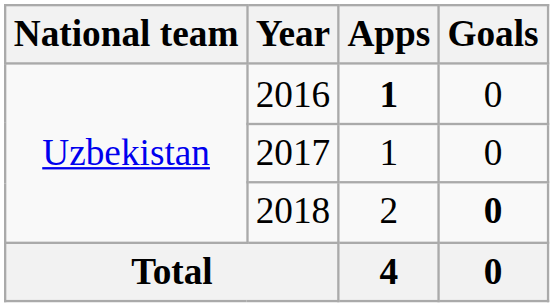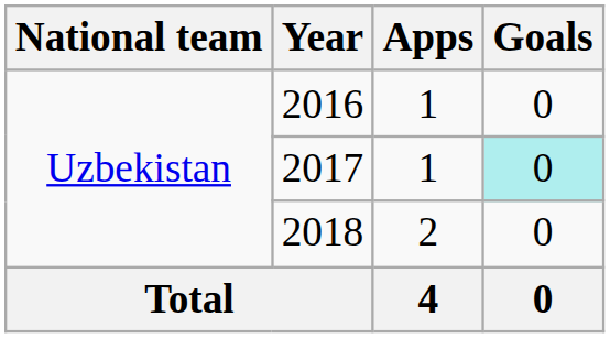 <table class="wikitable" style="text-align:center">
 <tr>
 <th>National team</th>
 <th>Year</th>
 <th>Apps</th>
 <th>Goals</th>
 </tr>
 <tr>
 <td rowspan="3"><a href='#'>Uzbekistan</a></td>
 <td>2016</td>
-<td><strong>1</strong></td>
+<td>1</td>
 <td>0</td>
 </tr>
 <tr>
 <td>2017</td>
 <td>1</td>
-<td>0</td>
+<td style="background: paleturquoise;">0</td>
 </tr>
 <tr>
 <td>2018</td>
 <td>2</td>
-<td><strong>0</strong></td>
+<td>0</td>
 </tr>
 <tr>
 <th colspan="2">Total</th>
 <th>4</th>
 <th>0</th>
 </tr>
 </table>
